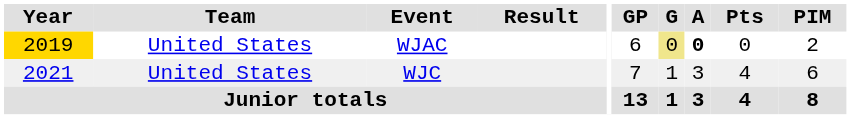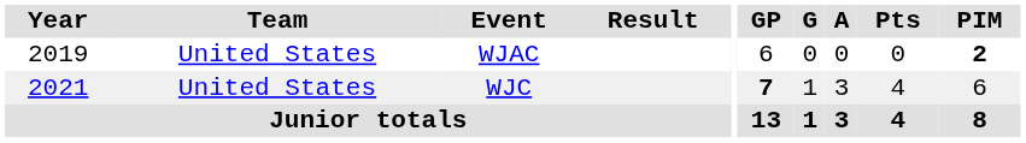 <table border="0" cellpadding="1" cellspacing="0" ID="Table3" style="text-align:center; width:40em">
 <tr bgcolor="#e0e0e0">
 <th>Year</th>
 <th>Team</th>
 <th>Event</th>
 <th>Result</th>
 <th rowspan="99" bgcolor="#ffffff"></th>
 <th>GP</th>
 <th>G</th>
 <th>A</th>
 <th>Pts</th>
 <th>PIM</th>
 </tr>
 <tr>
-<td style="background: gold;">2019</td>
+<td>2019</td>
 <td><a href='#'>United States</a></td>
 <td><a href='#'>WJAC</a></td>
 <td></td>
 <td>6</td>
-<td style="background: khaki;">0</td>
-<td><strong>0</strong></td>
 <td>0</td>
-<td>2</td>
+<td>0</td>
+<td>0</td>
+<td><strong>2</strong></td>
 </tr>
 <tr bgcolor="#f0f0f0">
 <td><a href='#'>2021</a></td>
 <td><a href='#'>United States</a></td>
 <td><a href='#'>WJC</a></td>
 <td></td>
-<td>7</td>
+<td><strong>7</strong></td>
 <td>1</td>
 <td>3</td>
 <td>4</td>
 <td>6</td>
 </tr>
 <tr bgcolor="#e0e0e0">
 <th colspan="4">Junior totals</th>
 <th>13</th>
 <th>1</th>
 <th>3</th>
 <th>4</th>
 <th>8</th>
 </tr>
 </table>
